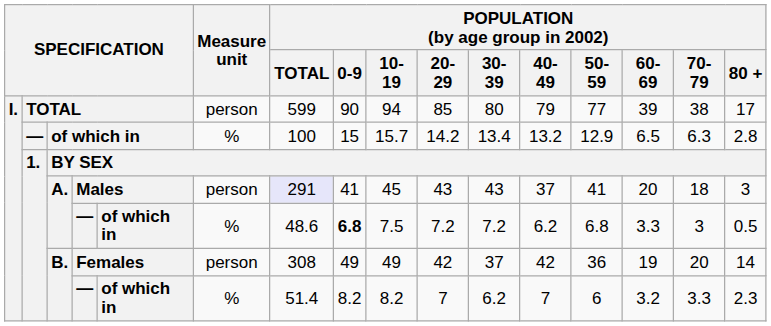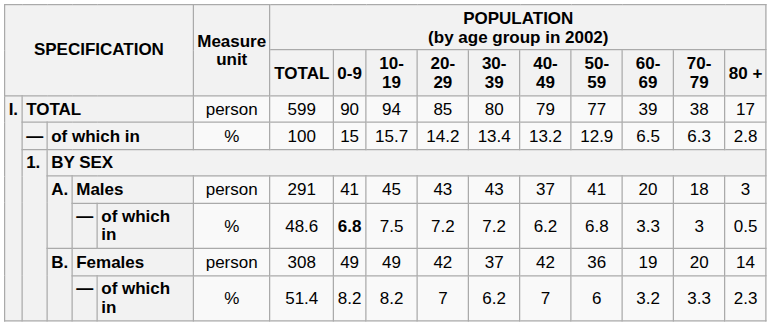 <table class="wikitable" style="font-size:85%; text-align:center">
 <tr>
 <th rowspan="2" colspan="5">SPECIFICATION</th>
 <th rowspan="2">Measure<br> unit</th>
 <th colspan="10" rowspan="1">POPULATION<br> (by age group in 2002)</th>
 </tr>
 <tr>
 <th>TOTAL</th>
 <th>0-9</th>
 <th>10-19</th>
 <th>20-29</th>
 <th>30-39</th>
 <th>40-49</th>
 <th>50-59</th>
 <th>60-69</th>
 <th>70-79</th>
 <th>80 +</th>
 </tr>
 <tr>
 <th style="text-align:left" valign="top" rowspan="7">I.</th>
 <th style="text-align:left" colspan="4">TOTAL</th>
 <td>person</td>
 <td>599</td>
 <td>90</td>
 <td>94</td>
 <td>85</td>
 <td>80</td>
 <td>79</td>
 <td>77</td>
 <td>39</td>
 <td>38</td>
 <td>17</td>
 </tr>
 <tr>
 <th style="text-align:left" valign="top">—</th>
 <th style="text-align:left" colspan="3">of which in</th>
 <td>%</td>
 <td>100</td>
 <td>15</td>
 <td>15.7</td>
 <td>14.2</td>
 <td>13.4</td>
 <td>13.2</td>
 <td>12.9</td>
 <td>6.5</td>
 <td>6.3</td>
 <td>2.8</td>
 </tr>
 <tr>
 <th style="text-align:left" valign="top" rowspan="5">1.</th>
 <th style="text-align:left" colspan="14">BY SEX</th>
 </tr>
 <tr>
 <th style="text-align:left" valign="top" rowspan="2">A.</th>
 <th style="text-align:left" colspan="2">Males</th>
 <td>person</td>
-<td style="background: lavender;">291</td>
+<td>291</td>
 <td>41</td>
 <td>45</td>
 <td>43</td>
 <td>43</td>
 <td>37</td>
 <td>41</td>
 <td>20</td>
 <td>18</td>
 <td>3</td>
 </tr>
 <tr>
 <th style="text-align:left" valign="top">—</th>
 <th style="text-align:left" colspan="1">of which in</th>
 <td>%</td>
 <td>48.6</td>
 <td><strong>6.8</strong></td>
 <td>7.5</td>
 <td>7.2</td>
 <td>7.2</td>
 <td>6.2</td>
 <td>6.8</td>
 <td>3.3</td>
 <td>3</td>
 <td>0.5</td>
 </tr>
 <tr>
 <th style="text-align:left" valign="top" rowspan="2">B.</th>
 <th style="text-align:left" colspan="2">Females</th>
 <td>person</td>
 <td>308</td>
 <td>49</td>
 <td>49</td>
 <td>42</td>
 <td>37</td>
 <td>42</td>
 <td>36</td>
 <td>19</td>
 <td>20</td>
 <td>14</td>
 </tr>
 <tr>
 <th style="text-align:left" valign="top">—</th>
 <th style="text-align:left" colspan="1">of which in</th>
 <td>%</td>
 <td>51.4</td>
 <td>8.2</td>
 <td>8.2</td>
 <td>7</td>
 <td>6.2</td>
 <td>7</td>
 <td>6</td>
 <td>3.2</td>
 <td>3.3</td>
 <td>2.3</td>
 </tr>
 </table>
